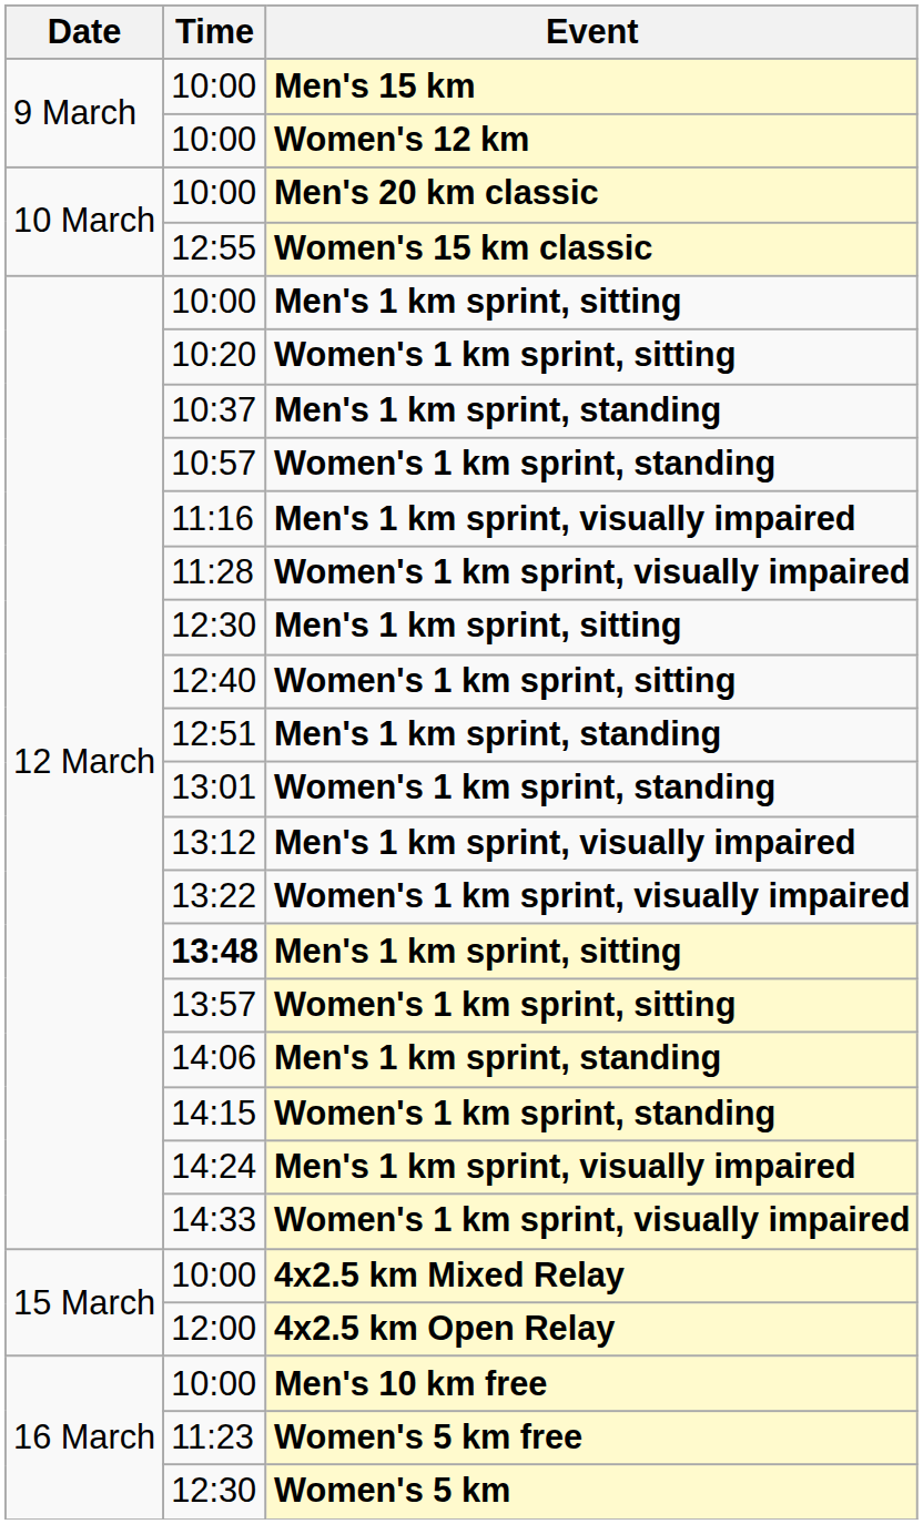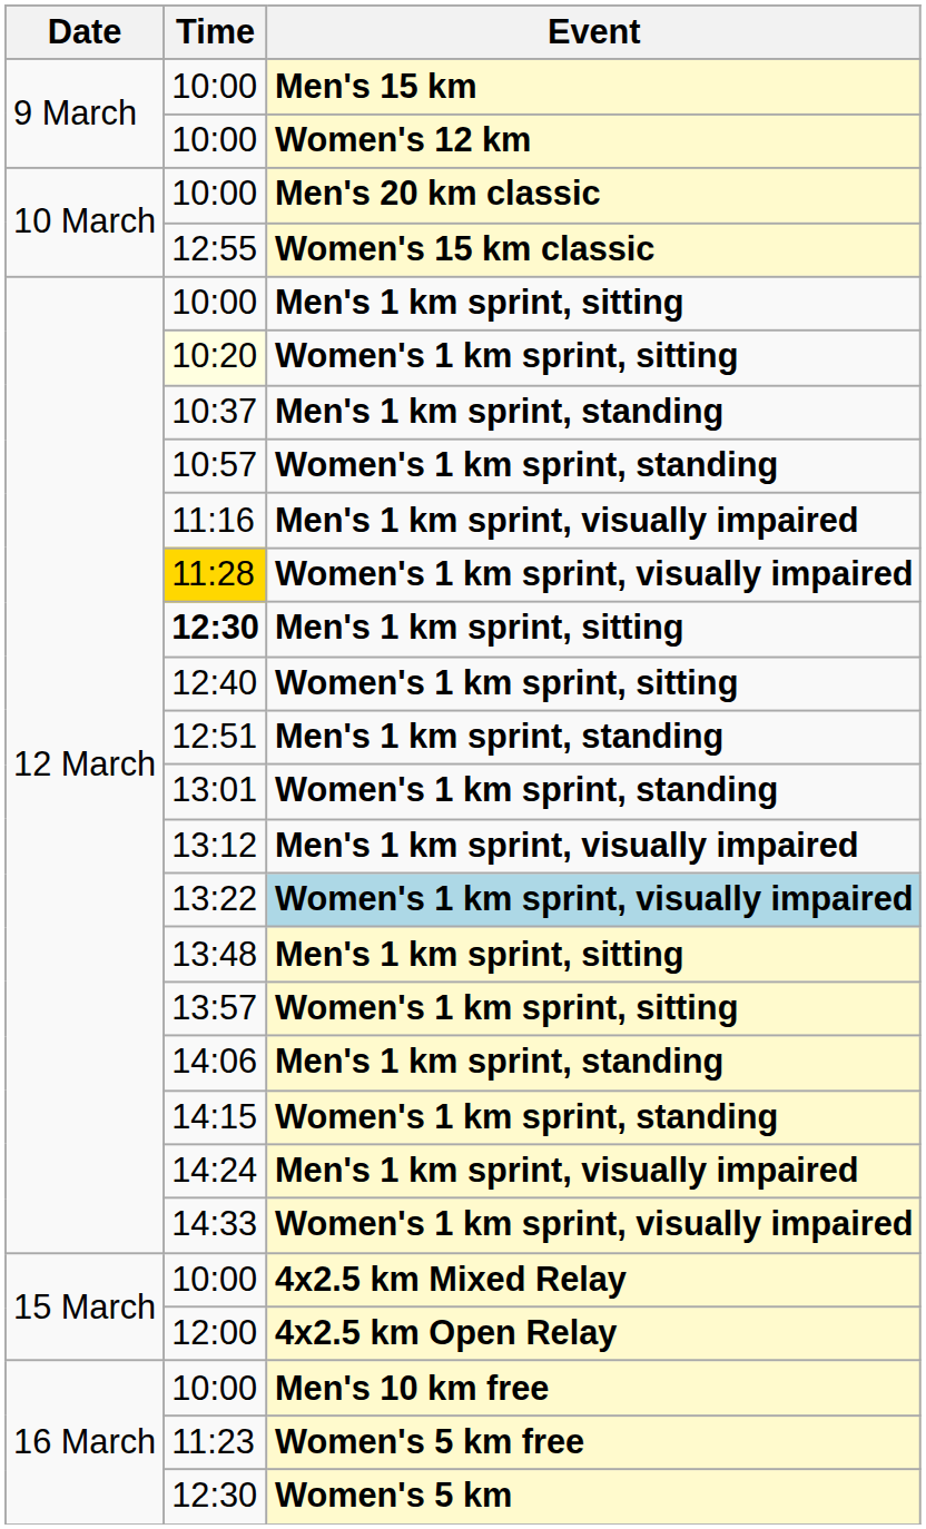 <table class=wikitable>
 <tr>
 <th>Date</th>
 <th>Time</th>
 <th>Event</th>
 </tr>
 <tr>
 <td rowspan=2>9 March</td>
 <td>10:00</td>
 <td style=background:lemonchiffon><strong>Men's 15 km</strong></td>
 </tr>
 <tr>
 <td>10:00</td>
 <td style=background:lemonchiffon><strong>Women's 12 km</strong></td>
 </tr>
 <tr>
 <td rowspan=2>10 March</td>
 <td>10:00</td>
 <td style=background:lemonchiffon><strong>Men's 20 km classic</strong></td>
 </tr>
 <tr>
 <td>12:55</td>
 <td style=background:lemonchiffon><strong>Women's 15 km classic</strong></td>
 </tr>
 <tr>
 <td rowspan=18>12 March</td>
 <td>10:00</td>
 <td><strong>Men's 1 km sprint, sitting</strong></td>
 </tr>
 <tr>
-<td>10:20</td>
+<td style="background: lightyellow;">10:20</td>
 <td><strong>Women's 1 km sprint, sitting</strong></td>
 </tr>
 <tr>
 <td>10:37</td>
 <td><strong>Men's 1 km sprint, standing</strong></td>
 </tr>
 <tr>
 <td>10:57</td>
 <td><strong>Women's 1 km sprint, standing</strong></td>
 </tr>
 <tr>
 <td>11:16</td>
 <td><strong>Men's 1 km sprint, visually impaired</strong></td>
 </tr>
 <tr>
-<td>11:28</td>
+<td style="background: gold;">11:28</td>
 <td><strong>Women's 1 km sprint, visually impaired</strong></td>
 </tr>
 <tr>
-<td>12:30</td>
+<td><strong>12:30</strong></td>
 <td><strong>Men's 1 km sprint, sitting</strong></td>
 </tr>
 <tr>
 <td>12:40</td>
 <td><strong>Women's 1 km sprint, sitting</strong></td>
 </tr>
 <tr>
 <td>12:51</td>
 <td><strong>Men's 1 km sprint, standing</strong></td>
 </tr>
 <tr>
 <td>13:01</td>
 <td><strong>Women's 1 km sprint, standing</strong></td>
 </tr>
 <tr>
 <td>13:12</td>
 <td><strong>Men's 1 km sprint, visually impaired</strong></td>
 </tr>
 <tr>
 <td>13:22</td>
-<td><strong>Women's 1 km sprint, visually impaired</strong></td>
+<td style="background: lightblue;"><strong>Women's 1 km sprint, visually impaired</strong></td>
 </tr>
 <tr>
-<td><strong>13:48</strong></td>
+<td>13:48</td>
 <td style=background:lemonchiffon><strong>Men's 1 km sprint, sitting</strong></td>
 </tr>
 <tr>
 <td>13:57</td>
 <td style=background:lemonchiffon><strong>Women's 1 km sprint, sitting</strong></td>
 </tr>
 <tr>
 <td>14:06</td>
 <td style=background:lemonchiffon><strong>Men's 1 km sprint, standing</strong></td>
 </tr>
 <tr>
 <td>14:15</td>
 <td style=background:lemonchiffon><strong>Women's 1 km sprint, standing</strong></td>
 </tr>
 <tr>
 <td>14:24</td>
 <td style=background:lemonchiffon><strong>Men's 1 km sprint, visually impaired</strong></td>
 </tr>
 <tr>
 <td>14:33</td>
 <td style=background:lemonchiffon><strong>Women's 1 km sprint, visually impaired</strong></td>
 </tr>
 <tr>
 <td rowspan=2>15 March</td>
 <td>10:00</td>
 <td style=background:lemonchiffon><strong>4x2.5 km Mixed Relay</strong></td>
 </tr>
 <tr>
 <td>12:00</td>
 <td style=background:lemonchiffon><strong>4x2.5 km Open Relay</strong></td>
 </tr>
 <tr>
 <td rowspan=4>16 March</td>
 <td>10:00</td>
 <td style=background:lemonchiffon><strong>Men's 10 km free</strong></td>
 </tr>
 <tr>
 <td>11:23</td>
 <td style=background:lemonchiffon><strong>Women's 5 km free</strong></td>
 </tr>
 <tr>
 <td>12:30</td>
 <td style=background:lemonchiffon><strong>Women's 5 km</strong></td>
 </tr>
 </table>
